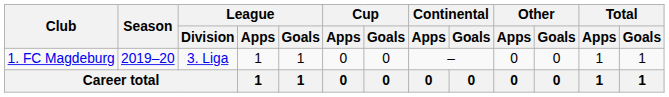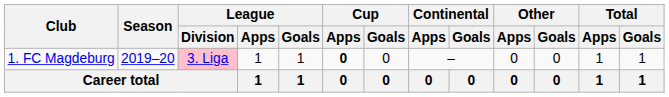 <table class="wikitable" style="text-align:center">
 <tr>
 <th rowspan="2">Club</th>
 <th rowspan="2">Season</th>
 <th colspan="3">League</th>
 <th colspan="2">Cup</th>
 <th colspan="2">Continental</th>
 <th colspan="2">Other</th>
 <th colspan="2">Total</th>
 </tr>
 <tr>
 <th>Division</th>
 <th>Apps</th>
 <th>Goals</th>
 <th>Apps</th>
 <th>Goals</th>
 <th>Apps</th>
 <th>Goals</th>
 <th>Apps</th>
 <th>Goals</th>
 <th>Apps</th>
 <th>Goals</th>
 </tr>
 <tr>
 <td><a href='#'>1. FC Magdeburg</a></td>
 <td><a href='#'>2019–20</a></td>
-<td><a href='#'>3. Liga</a></td>
+<td style="background: pink;"><a href='#'>3. Liga</a></td>
 <td>1</td>
 <td>1</td>
-<td>0</td>
+<td><strong>0</strong></td>
 <td>0</td>
 <td colspan="2">–</td>
 <td>0</td>
 <td>0</td>
 <td>1</td>
 <td>1</td>
 </tr>
 <tr>
 <th colspan="3">Career total</th>
 <th>1</th>
 <th>1</th>
 <th>0</th>
 <th>0</th>
 <th>0</th>
 <th>0</th>
 <th>0</th>
 <th>0</th>
 <th>1</th>
 <th>1</th>
 </tr>
 </table>
